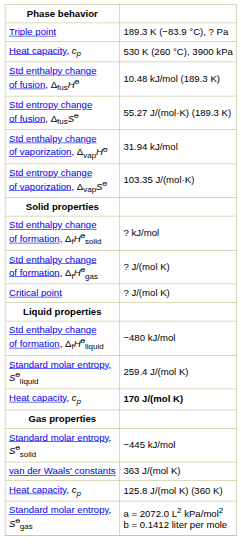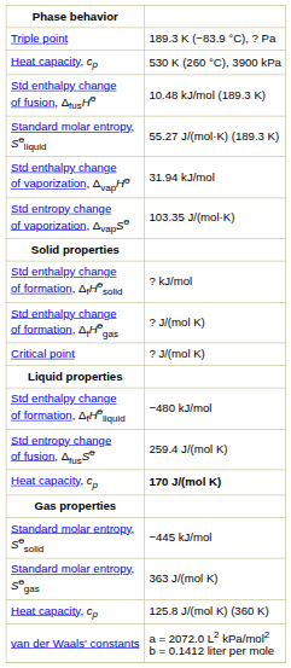 <table border="1" cellspacing="0" cellpadding="6" style="margin: 0 0 0 0.5em; background: #FFFFFF; border-collapse: collapse; border-color: #C0C090;">
 <tr>
 <th>Phase behavior</th>
 </tr>
 <tr>
 <td><a href='#'>Triple point</a></td>
 <td>189.3 K (−83.9 °C), ? Pa</td>
 </tr>
 <tr>
 <td><a href='#'>Heat capacity</a>, <em>c<sub>p</sub></em></td>
 <td>530 K (260 °C), 3900 kPa</td>
 </tr>
 <tr>
 <td><a href='#'>Std enthalpy change<br>of fusion</a>, Δ<sub>fus</sub><em>H</em><sup><s>o</s></sup></td>
 <td>10.48 kJ/mol (189.3 K)</td>
 </tr>
 <tr>
-<td><a href='#'>Std entropy change<br>of fusion</a>, Δ<sub>fus</sub><em>S</em><sup><s>o</s></sup></td>
+<td><a href='#'>Standard molar entropy</a>,<br><em>S</em><sup><s>o</s></sup><sub>liquid</sub></td>
 <td>55.27 J/(mol·K) (189.3 K)</td>
 </tr>
 <tr>
 <td><a href='#'>Std enthalpy change<br>of vaporization</a>, Δ<sub>vap</sub><em>H</em><sup><s>o</s></sup></td>
 <td>31.94 kJ/mol</td>
 </tr>
 <tr>
 <td><a href='#'>Std entropy change<br>of vaporization</a>, Δ<sub>vap</sub><em>S</em><sup><s>o</s></sup></td>
 <td>103.35 J/(mol·K)</td>
 </tr>
 <tr>
 <th>Solid properties</th>
 </tr>
 <tr>
 <td><a href='#'>Std enthalpy change<br>of formation</a>, Δ<sub>f</sub><em>H</em><sup><s>o</s></sup><sub>solid</sub></td>
 <td>? kJ/mol</td>
 </tr>
 <tr>
 <td><a href='#'>Std enthalpy change<br>of formation</a>, Δ<sub>f</sub><em>H</em><sup><s>o</s></sup><sub>gas</sub></td>
 <td>? J/(mol K)</td>
 </tr>
 <tr>
 <td><a href='#'>Critical point</a></td>
 <td>? J/(mol K)</td>
 </tr>
 <tr>
 <th>Liquid properties</th>
 </tr>
 <tr>
 <td><a href='#'>Std enthalpy change<br>of formation</a>, Δ<sub>f</sub><em>H</em><sup><s>o</s></sup><sub>liquid</sub></td>
 <td>−480 kJ/mol</td>
 </tr>
 <tr>
-<td><a href='#'>Standard molar entropy</a>,<br><em>S</em><sup><s>o</s></sup><sub>liquid</sub></td>
+<td><a href='#'>Std entropy change<br>of fusion</a>, Δ<sub>fus</sub><em>S</em><sup><s>o</s></sup></td>
 <td>259.4 J/(mol K)</td>
 </tr>
 <tr>
 <td><a href='#'>Heat capacity</a>, <em>c<sub>p</sub></em></td>
 <td><strong>170 J/(mol K)</strong></td>
 </tr>
 <tr>
 <th>Gas properties</th>
 </tr>
 <tr>
 <td><a href='#'>Standard molar entropy</a>,<br><em>S</em><sup><s>o</s></sup><sub>solid</sub></td>
 <td>−445 kJ/mol</td>
 </tr>
 <tr>
-<td><a href='#'>van der Waals' constants</a></td>
+<td><a href='#'>Standard molar entropy</a>,<br><em>S</em><sup><s>o</s></sup><sub>gas</sub></td>
 <td>363 J/(mol K)</td>
 </tr>
 <tr>
 <td><a href='#'>Heat capacity</a>, <em>c<sub>p</sub></em></td>
 <td>125.8 J/(mol K) (360 K)</td>
 </tr>
 <tr>
-<td><a href='#'>Standard molar entropy</a>,<br><em>S</em><sup><s>o</s></sup><sub>gas</sub></td>
+<td><a href='#'>van der Waals' constants</a></td>
 <td>a = 2072.0 L<sup>2</sup> kPa/mol<sup>2</sup><br> b = 0.1412 liter per mole</td>
 </tr>
 <tr>
 </tr>
 </table>
